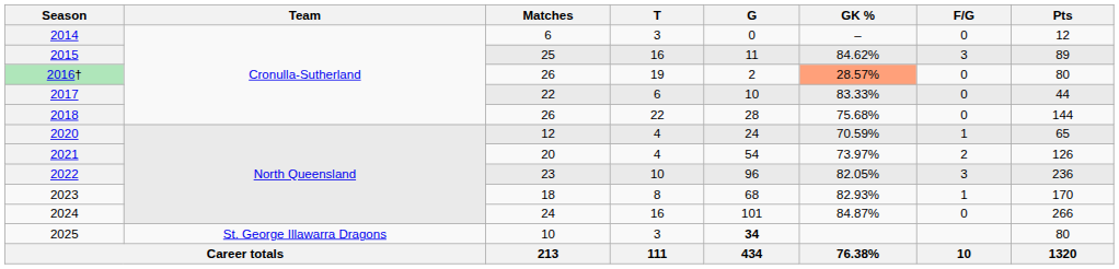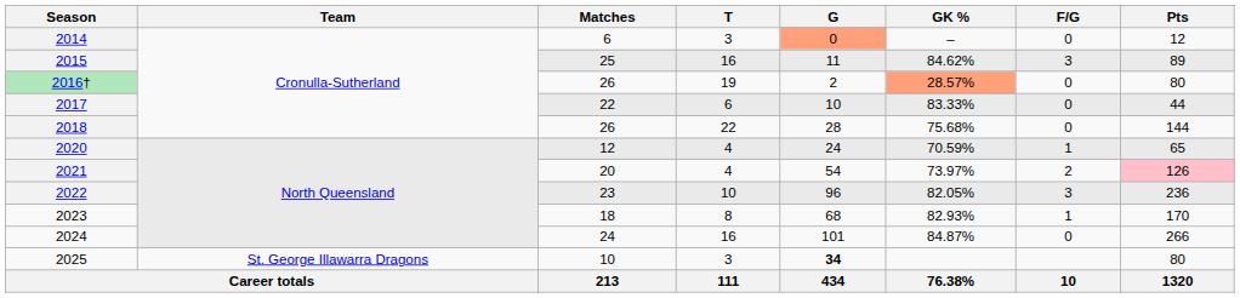 <table class="wikitable sortable"  style="font-size:90%; text-align:center; width:80%;">
 <tr>
 <th width=2%>Season</th>
 <th width=8%>Team</th>
 <th width=2%>Matches</th>
 <th width=2%>T</th>
 <th width=2%>G</th>
 <th width=2%>GK %</th>
 <th width=2%>F/G</th>
 <th width=2%>Pts</th>
 </tr>
 <tr>
 <th scope="row" style="text-align:center; font-weight:normal"><a href='#'>2014</a></th>
 <td rowspan="5" style="text-align:center;"> <a href='#'>Cronulla-Sutherland</a></td>
 <td>6</td>
 <td>3</td>
-<td>0</td>
+<td style="background: lightsalmon;">0</td>
 <td>–</td>
 <td>0</td>
 <td>12</td>
 </tr>
 <tr style="background:#eaeaea;">
 <th scope="row" style="text-align:center; font-weight:normal"><a href='#'>2015</a></th>
 <td>25</td>
 <td>16</td>
 <td>11</td>
 <td>84.62%</td>
 <td>3</td>
 <td>89</td>
 </tr>
 <tr>
 <th scope="row" style="text-align:center; font-weight:normal; background:#afe6ba;"><a href='#'>2016</a>†</th>
 <td>26</td>
 <td>19</td>
 <td>2</td>
 <td style="background: lightsalmon;">28.57%</td>
 <td>0</td>
 <td>80</td>
 </tr>
 <tr style="background:#eaeaea;">
 <th scope="row" style="text-align:center; font-weight:normal"><a href='#'>2017</a></th>
 <td>22</td>
 <td>6</td>
 <td>10</td>
 <td>83.33%</td>
 <td>0</td>
 <td>44</td>
 </tr>
 <tr>
 <th scope="row" style="text-align:center; font-weight:normal"><a href='#'>2018</a></th>
 <td>26</td>
 <td>22</td>
 <td>28</td>
 <td>75.68%</td>
 <td>0</td>
 <td>144</td>
 </tr>
 <tr style="background:#eaeaea;">
 <th scope="row" style="text-align:center; font-weight:normal"><a href='#'>2020</a></th>
 <td rowspan="5" style="text-align:center;"> <a href='#'>North Queensland</a></td>
 <td>12</td>
 <td>4</td>
 <td>24</td>
 <td>70.59%</td>
 <td>1</td>
 <td>65</td>
 </tr>
 <tr>
 <th scope="row" style="text-align:center; font-weight:normal"><a href='#'>2021</a></th>
 <td>20</td>
 <td>4</td>
 <td>54</td>
 <td>73.97%</td>
 <td>2</td>
-<td>126</td>
+<td style="background: pink;">126</td>
 </tr>
 <tr style="background:#eaeaea;">
 <th scope="row" style="text-align:center; font-weight:normal"><a href='#'>2022</a></th>
 <td>23</td>
 <td>10</td>
 <td>96</td>
 <td>82.05%</td>
 <td>3</td>
 <td>236</td>
 </tr>
 <tr>
 <td>2023</td>
 <td>18</td>
 <td>8</td>
 <td>68</td>
 <td>82.93%</td>
 <td>1</td>
 <td>170</td>
 </tr>
 <tr>
 <td>2024</td>
 <td>24</td>
 <td>16</td>
 <td>101</td>
 <td>84.87%</td>
 <td>0</td>
 <td>266</td>
 </tr>
 <tr>
 <td>2025</td>
 <td> <a href='#'>St. George Illawarra Dragons</a></td>
 <td>10</td>
 <td>3</td>
 <td><strong>34</strong></td>
 <td></td>
 <td></td>
 <td>80</td>
 </tr>
 <tr class="sortbottom">
 <th colspan="2">Career totals</th>
 <th>213</th>
 <th>111</th>
 <th>434</th>
 <th>76.38%</th>
 <th>10</th>
 <th>1320</th>
 </tr>
 </table>
